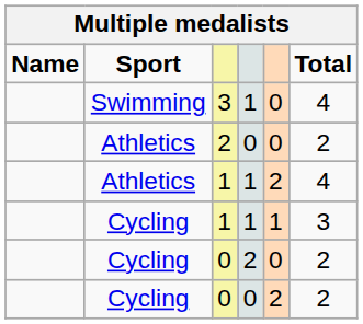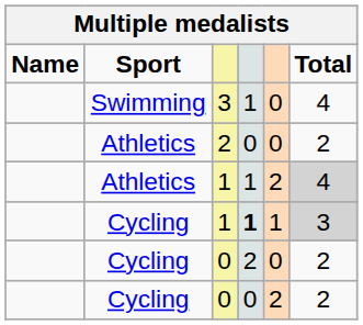 <table class="wikitable" style="font-size:85%; float:right;">
 <tr style="background:#efefef;">
 <th colspan=7>Multiple medalists</th>
 </tr>
 <tr align=center>
 <td><strong>Name</strong></td>
 <td><strong>Sport</strong></td>
 <td style="background:#f7f6a8;"></td>
 <td style="background:#dce5e5;"></td>
 <td style="background:#ffdab9;"></td>
 <td><strong>Total</strong></td>
 </tr>
 <tr align=center>
 <td></td>
 <td><a href='#'>Swimming</a></td>
 <td style="background:#f7f6a8;">3</td>
 <td style="background:#dce5e5;">1</td>
 <td style="background:#ffdab9;">0</td>
 <td>4</td>
 </tr>
 <tr align=center>
 <td></td>
 <td><a href='#'>Athletics</a></td>
 <td style="background:#f7f6a8;">2</td>
 <td style="background:#dce5e5;">0</td>
 <td style="background:#ffdab9;">0</td>
 <td>2</td>
 </tr>
 <tr align=center>
 <td></td>
 <td><a href='#'>Athletics</a></td>
 <td style="background:#f7f6a8;">1</td>
 <td style="background:#dce5e5;">1</td>
 <td style="background:#ffdab9;">2</td>
-<td>4</td>
+<td style="background: lightgrey;">4</td>
 </tr>
 <tr align=center>
 <td></td>
 <td><a href='#'>Cycling</a></td>
 <td style="background:#f7f6a8;">1</td>
-<td style="background:#dce5e5;">1</td>
+<td style="background:#dce5e5;"><strong>1</strong></td>
 <td style="background:#ffdab9;">1</td>
-<td>3</td>
+<td style="background: lightgrey;">3</td>
 </tr>
 <tr align=center>
 <td></td>
 <td><a href='#'>Cycling</a></td>
 <td style="background:#f7f6a8;">0</td>
 <td style="background:#dce5e5;">2</td>
 <td style="background:#ffdab9;">0</td>
 <td>2</td>
 </tr>
 <tr align=center>
 <td></td>
 <td><a href='#'>Cycling</a></td>
 <td style="background:#f7f6a8;">0</td>
 <td style="background:#dce5e5;">0</td>
 <td style="background:#ffdab9;">2</td>
 <td>2</td>
 </tr>
 </table>
